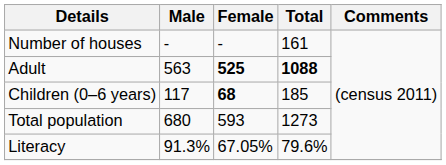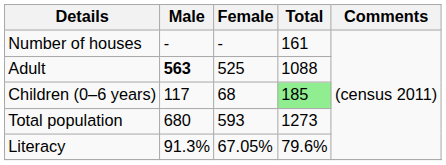 <table class="wikitable sortable">
 <tr>
 <th>Details</th>
 <th>Male</th>
 <th>Female</th>
 <th>Total</th>
 <th>Comments</th>
 </tr>
 <tr>
 <td>Number of houses</td>
 <td>-</td>
 <td>-</td>
 <td>161</td>
 <td rowspan="5">(census 2011) </td>
 </tr>
 <tr>
 <td>Adult</td>
-<td>563</td>
-<td><strong>525</strong></td>
-<td><strong>1088</strong></td>
+<td><strong>563</strong></td>
+<td>525</td>
+<td>1088</td>
 </tr>
 <tr>
 <td>Children (0–6 years)</td>
 <td>117</td>
-<td><strong>68</strong></td>
-<td>185</td>
+<td>68</td>
+<td style="background: lightgreen;">185</td>
 </tr>
 <tr>
 <td>Total population</td>
 <td>680</td>
 <td>593</td>
 <td>1273</td>
 </tr>
 <tr>
 <td>Literacy</td>
 <td>91.3%</td>
 <td>67.05%</td>
 <td>79.6%</td>
 </tr>
 <tr>
 </tr>
 </table>
